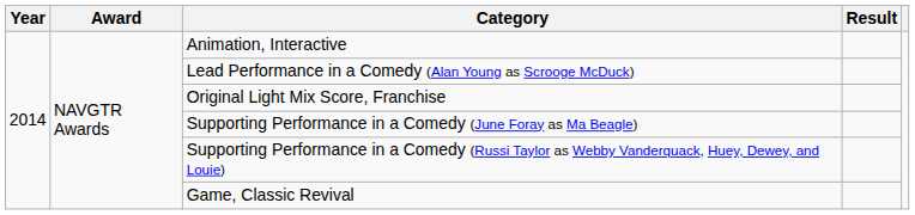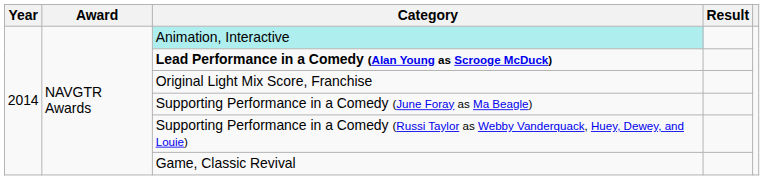 <table class="wikitable sortable">
 <tr>
 <th>Year</th>
 <th>Award</th>
 <th>Category</th>
 <th>Result</th>
 <th></th>
 </tr>
 <tr>
 <td style="text-align:center;" rowspan="6">2014</td>
 <td rowspan="6">NAVGTR Awards</td>
-<td>Animation, Interactive</td>
+<td style="background: paleturquoise;">Animation, Interactive</td>
 <td></td>
 <td rowspan="6" style="text-align:center;"></td>
 </tr>
 <tr>
-<td>Lead Performance in a Comedy <small>(<a href='#'>Alan Young</a> as <a href='#'>Scrooge McDuck</a>)</small></td>
+<td><strong>Lead Performance in a Comedy <small>(<a href='#'>Alan Young</a> as <a href='#'>Scrooge McDuck</a>)</small></strong></td>
 <td></td>
 </tr>
 <tr>
 <td>Original Light Mix Score, Franchise</td>
 <td></td>
 </tr>
 <tr>
 <td>Supporting Performance in a Comedy <small>(<a href='#'>June Foray</a> as <a href='#'>Ma Beagle</a>)</small></td>
 <td></td>
 </tr>
 <tr>
 <td>Supporting Performance in a Comedy <small>(<a href='#'>Russi Taylor</a> as <a href='#'>Webby Vanderquack</a>, <a href='#'>Huey, Dewey, and Louie</a>)</small></td>
 <td></td>
 </tr>
 <tr>
 <td>Game, Classic Revival</td>
 <td></td>
 </tr>
 </table>
